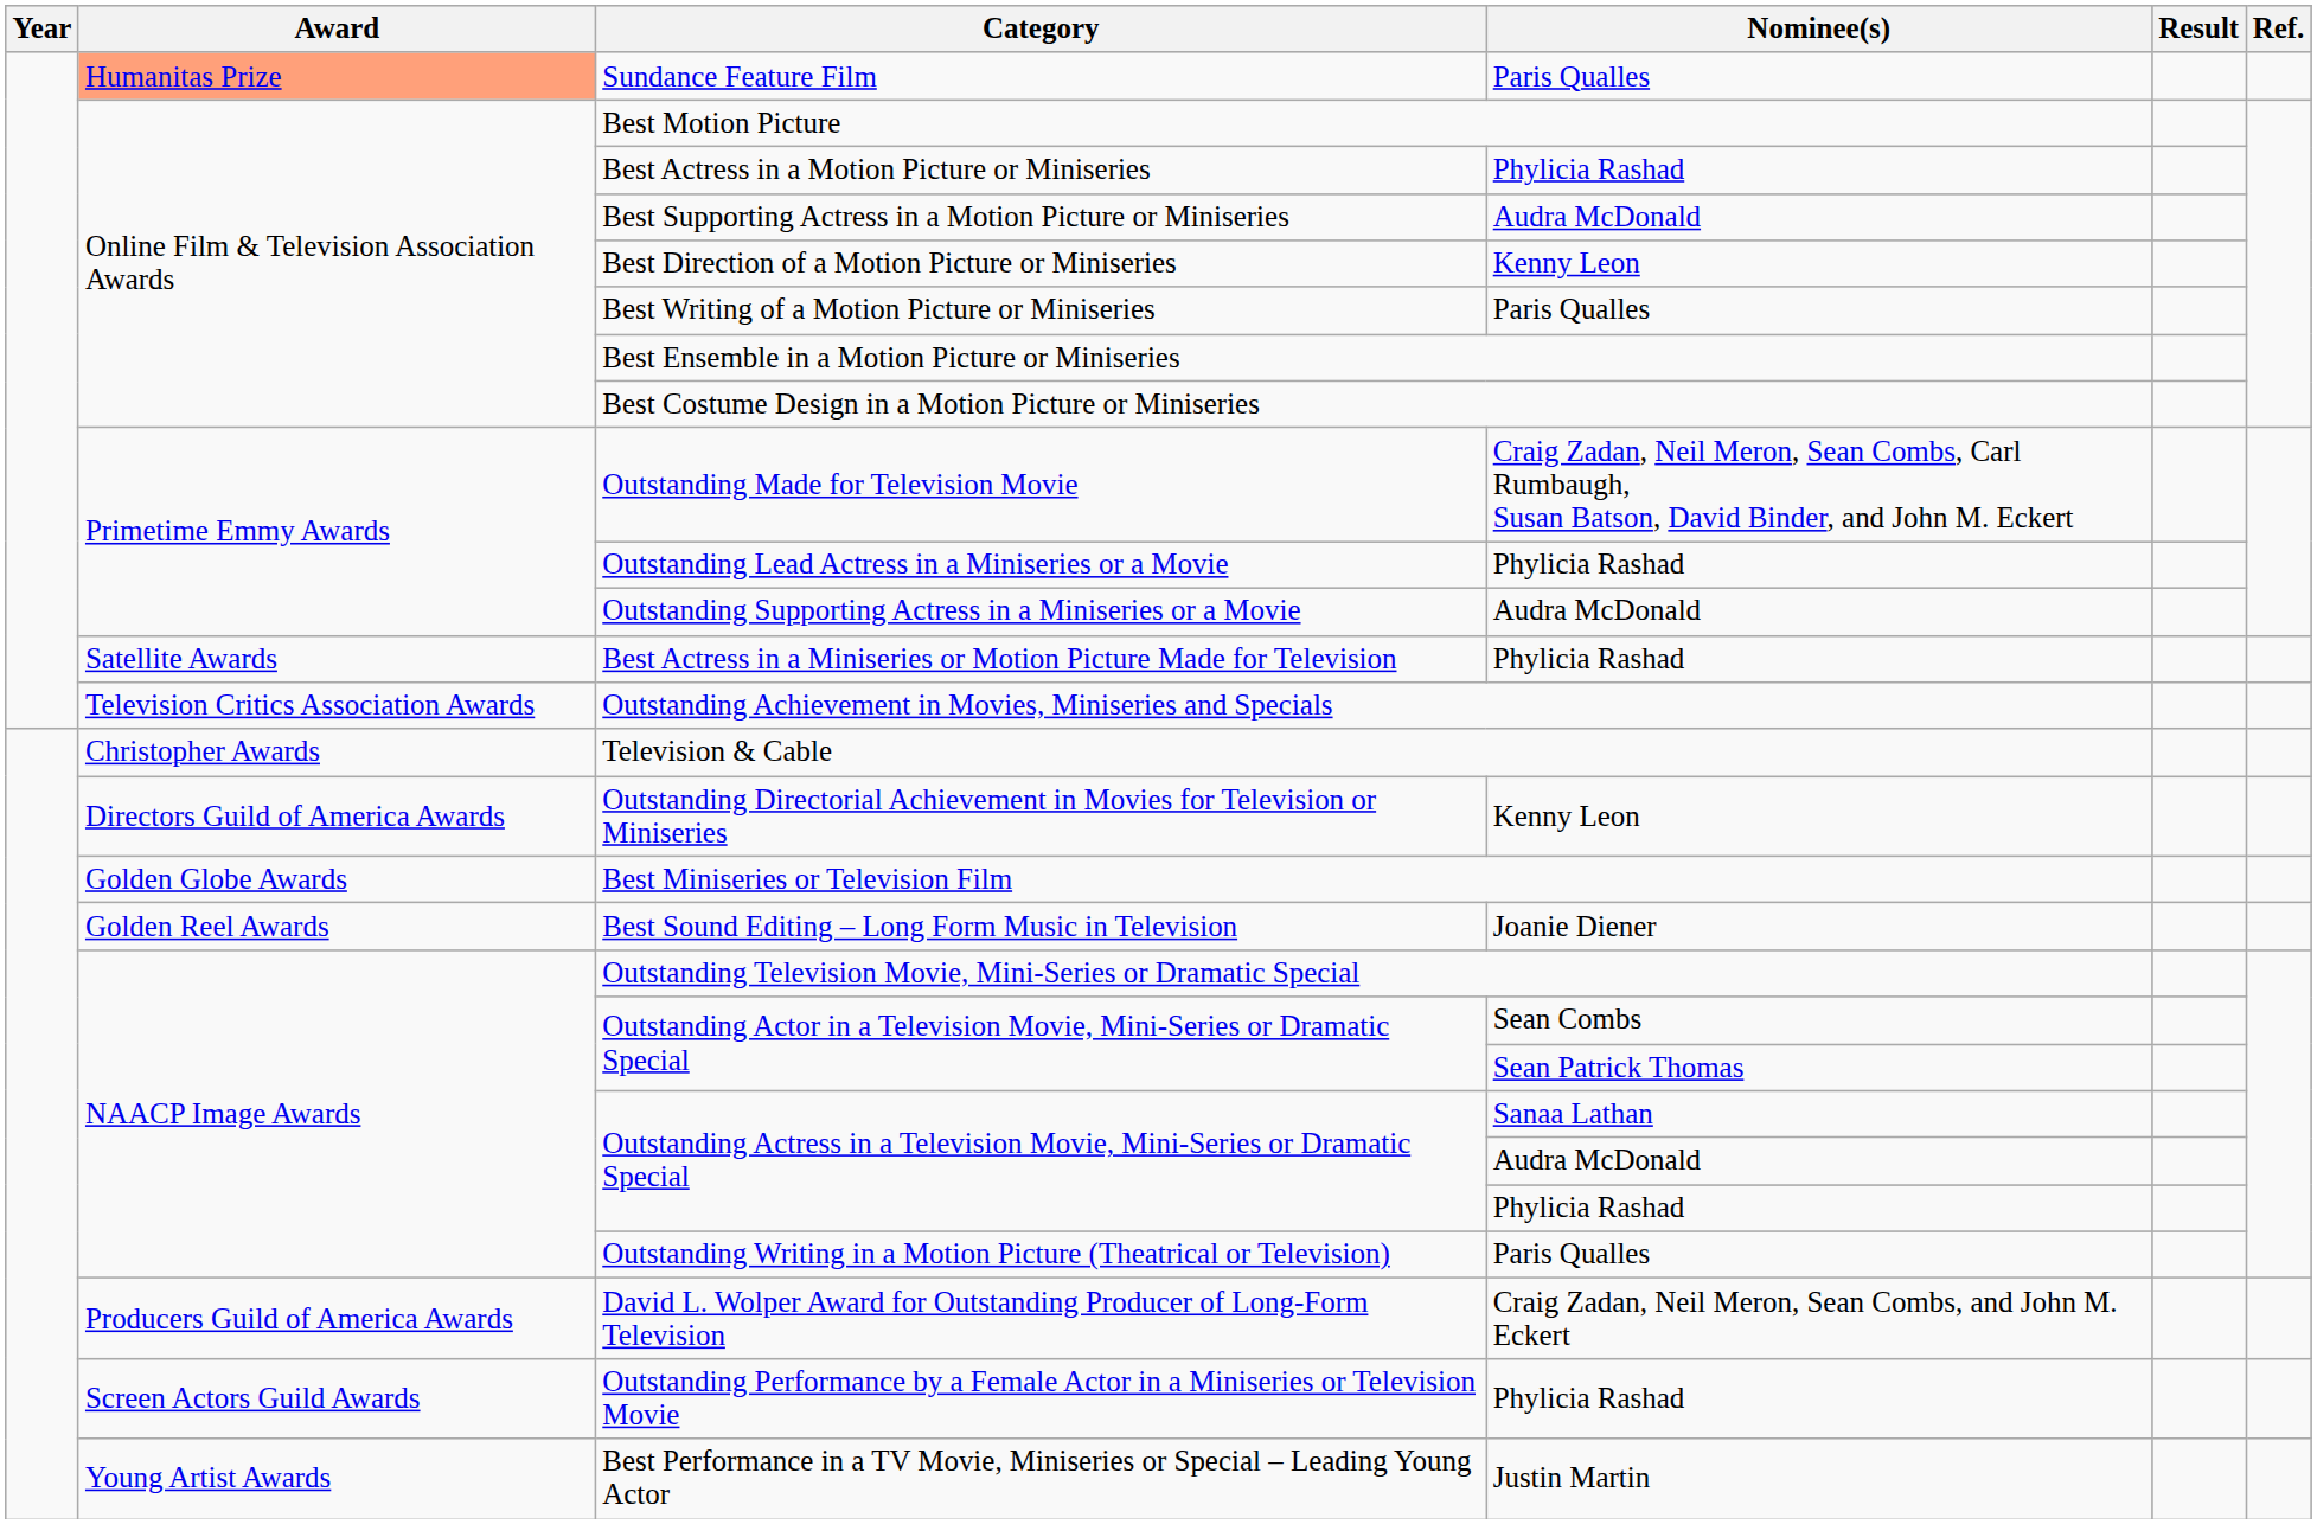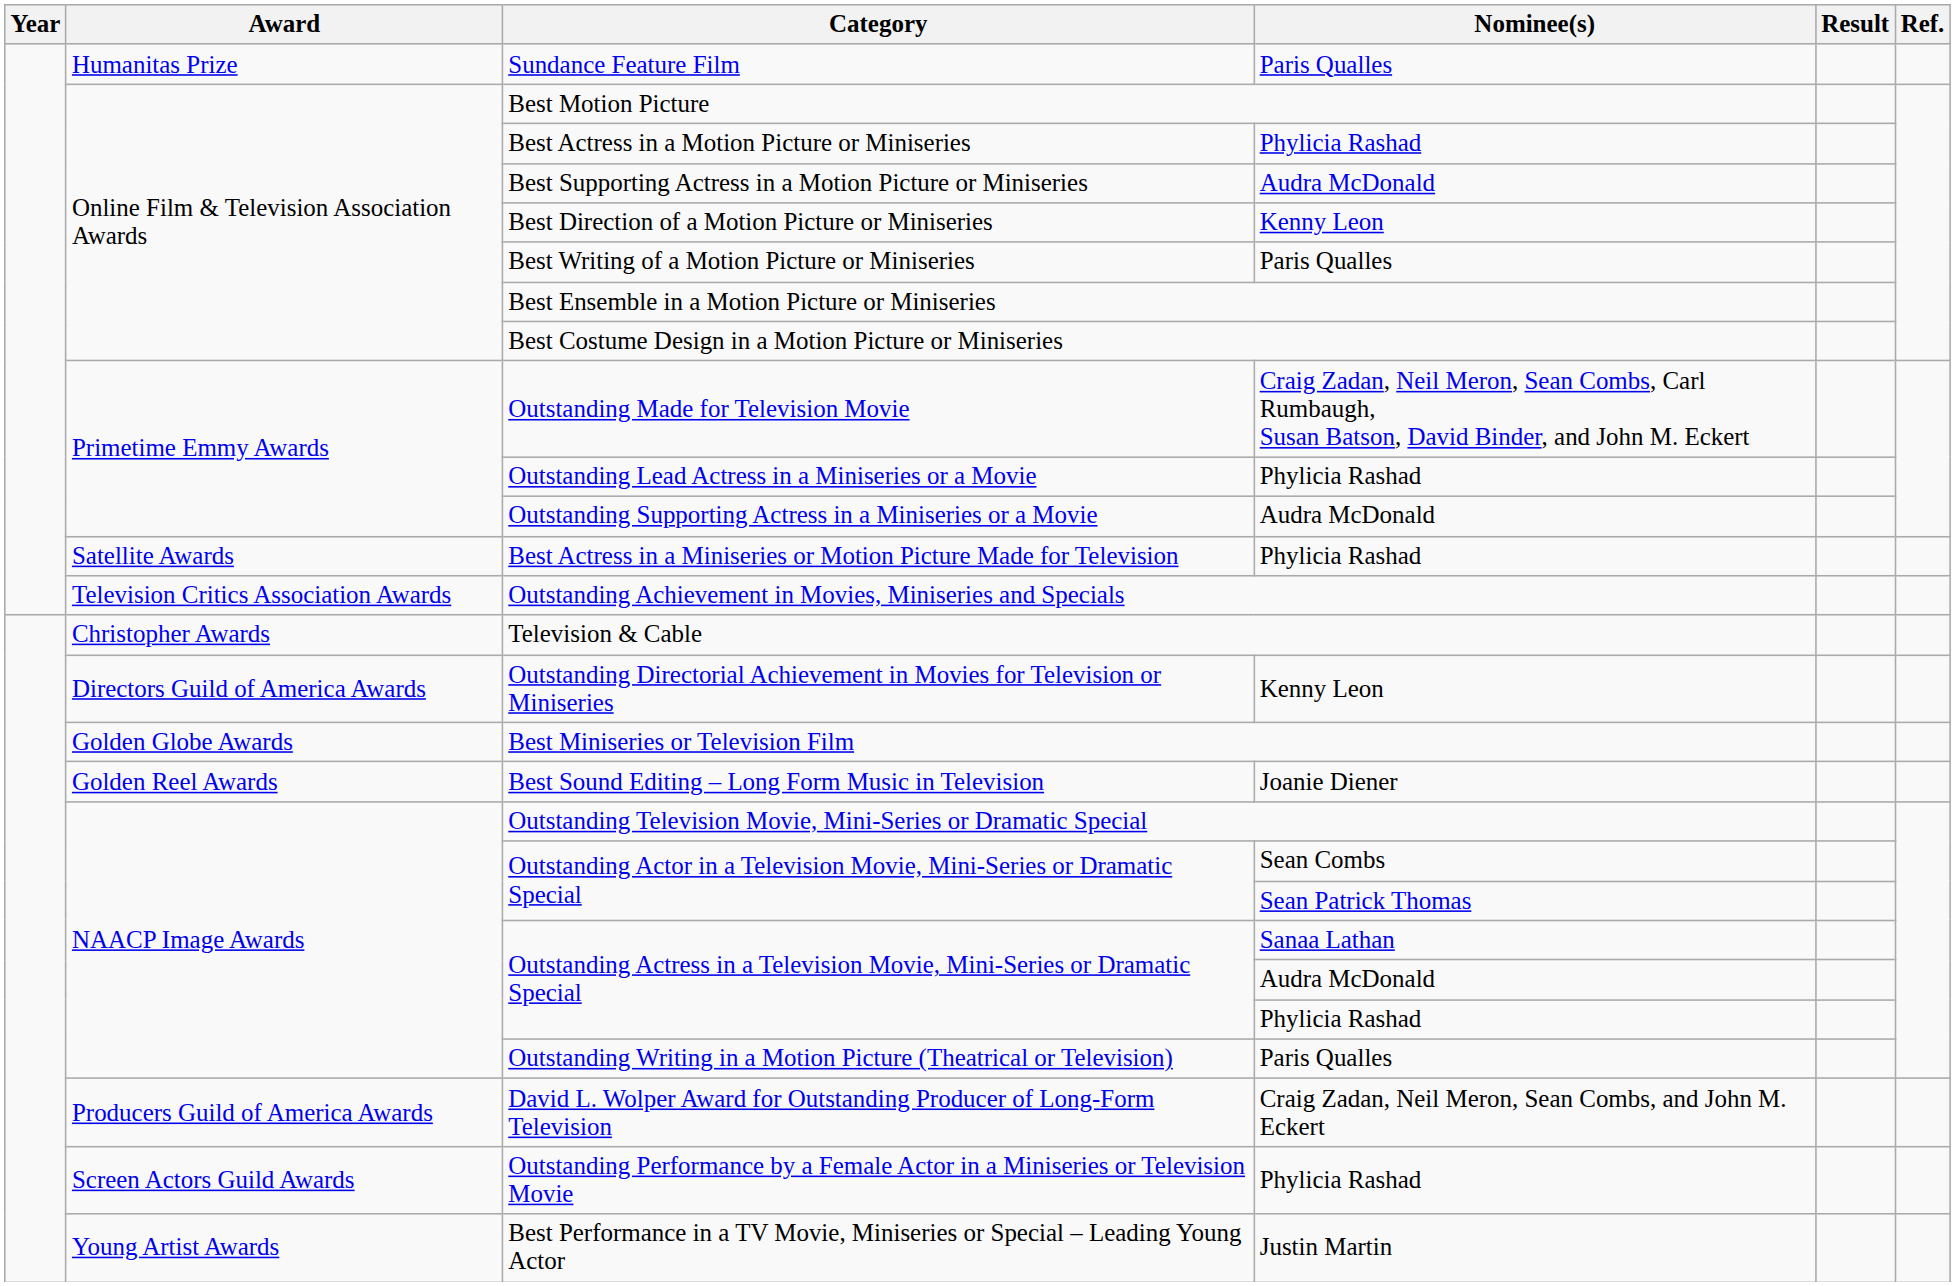 <table class="wikitable sortable">
 <tr>
 <th>Year</th>
 <th>Award</th>
 <th>Category</th>
 <th>Nominee(s)</th>
 <th>Result</th>
 <th>Ref.</th>
 </tr>
 <tr>
 <td rowspan="13"></td>
-<td style="background: lightsalmon;"><a href='#'>Humanitas Prize</a></td>
+<td><a href='#'>Humanitas Prize</a></td>
 <td><a href='#'>Sundance Feature Film</a></td>
 <td><a href='#'>Paris Qualles</a></td>
 <td></td>
 <td align="center"></td>
 </tr>
 <tr>
 <td rowspan="7">Online Film & Television Association Awards</td>
 <td colspan="2">Best Motion Picture</td>
 <td></td>
 <td align="center" rowspan="7"></td>
 </tr>
 <tr>
 <td>Best Actress in a Motion Picture or Miniseries</td>
 <td><a href='#'>Phylicia Rashad</a></td>
 <td></td>
 </tr>
 <tr>
 <td>Best Supporting Actress in a Motion Picture or Miniseries</td>
 <td><a href='#'>Audra McDonald</a></td>
 <td></td>
 </tr>
 <tr>
 <td>Best Direction of a Motion Picture or Miniseries</td>
 <td><a href='#'>Kenny Leon</a></td>
 <td></td>
 </tr>
 <tr>
 <td>Best Writing of a Motion Picture or Miniseries</td>
 <td>Paris Qualles</td>
 <td></td>
 </tr>
 <tr>
 <td colspan="2">Best Ensemble in a Motion Picture or Miniseries</td>
 <td></td>
 </tr>
 <tr>
 <td colspan="2">Best Costume Design in a Motion Picture or Miniseries</td>
 <td></td>
 </tr>
 <tr>
 <td rowspan="3"><a href='#'>Primetime Emmy Awards</a></td>
 <td><a href='#'>Outstanding Made for Television Movie</a></td>
 <td><a href='#'>Craig Zadan</a>, <a href='#'>Neil Meron</a>, <a href='#'>Sean Combs</a>, Carl Rumbaugh, <br> <a href='#'>Susan Batson</a>, <a href='#'>David Binder</a>, and John M. Eckert</td>
 <td></td>
 <td align="center" rowspan="3"></td>
 </tr>
 <tr>
 <td><a href='#'>Outstanding Lead Actress in a Miniseries or a Movie</a></td>
 <td>Phylicia Rashad</td>
 <td></td>
 </tr>
 <tr>
 <td><a href='#'>Outstanding Supporting Actress in a Miniseries or a Movie</a></td>
 <td>Audra McDonald</td>
 <td></td>
 </tr>
 <tr>
 <td><a href='#'>Satellite Awards</a></td>
 <td><a href='#'>Best Actress in a Miniseries or Motion Picture Made for Television</a></td>
 <td>Phylicia Rashad</td>
 <td></td>
 <td align="center"></td>
 </tr>
 <tr>
 <td><a href='#'>Television Critics Association Awards</a></td>
 <td colspan="2"><a href='#'>Outstanding Achievement in Movies, Miniseries and Specials</a></td>
 <td></td>
 <td align="center"></td>
 </tr>
 <tr>
 <td rowspan="14"></td>
 <td><a href='#'>Christopher Awards</a></td>
 <td colspan="2">Television & Cable</td>
 <td></td>
 <td align="center"></td>
 </tr>
 <tr>
 <td><a href='#'>Directors Guild of America Awards</a></td>
 <td><a href='#'>Outstanding Directorial Achievement in Movies for Television or Miniseries</a></td>
 <td>Kenny Leon</td>
 <td></td>
 <td align="center"></td>
 </tr>
 <tr>
 <td><a href='#'>Golden Globe Awards</a></td>
 <td colspan="2"><a href='#'>Best Miniseries or Television Film</a></td>
 <td></td>
 <td align="center"></td>
 </tr>
 <tr>
 <td><a href='#'>Golden Reel Awards</a></td>
 <td><a href='#'>Best Sound Editing – Long Form Music in Television</a></td>
 <td>Joanie Diener</td>
 <td></td>
 <td align="center"></td>
 </tr>
 <tr>
 <td rowspan="7"><a href='#'>NAACP Image Awards</a></td>
 <td colspan="2"><a href='#'>Outstanding Television Movie, Mini-Series or Dramatic Special</a></td>
 <td></td>
 <td align="center" rowspan="7"></td>
 </tr>
 <tr>
 <td rowspan="2"><a href='#'>Outstanding Actor in a Television Movie, Mini-Series or Dramatic Special</a></td>
 <td>Sean Combs</td>
 <td></td>
 </tr>
 <tr>
 <td><a href='#'>Sean Patrick Thomas</a></td>
 <td></td>
 </tr>
 <tr>
 <td rowspan="3"><a href='#'>Outstanding Actress in a Television Movie, Mini-Series or Dramatic Special</a></td>
 <td><a href='#'>Sanaa Lathan</a></td>
 <td></td>
 </tr>
 <tr>
 <td>Audra McDonald</td>
 <td></td>
 </tr>
 <tr>
 <td>Phylicia Rashad</td>
 <td></td>
 </tr>
 <tr>
 <td><a href='#'>Outstanding Writing in a Motion Picture (Theatrical or Television)</a></td>
 <td>Paris Qualles</td>
 <td></td>
 </tr>
 <tr>
 <td><a href='#'>Producers Guild of America Awards</a></td>
 <td><a href='#'>David L. Wolper Award for Outstanding Producer of Long-Form Television</a></td>
 <td>Craig Zadan, Neil Meron, Sean Combs, and John M. Eckert</td>
 <td></td>
 <td align="center"></td>
 </tr>
 <tr>
 <td><a href='#'>Screen Actors Guild Awards</a></td>
 <td><a href='#'>Outstanding Performance by a Female Actor in a Miniseries or Television Movie</a></td>
 <td>Phylicia Rashad</td>
 <td></td>
 <td align="center"></td>
 </tr>
 <tr>
 <td><a href='#'>Young Artist Awards</a></td>
 <td>Best Performance in a TV Movie, Miniseries or Special – Leading Young Actor</td>
 <td>Justin Martin</td>
 <td></td>
 <td align="center" rowspan="2"></td>
 </tr>
 </table>
